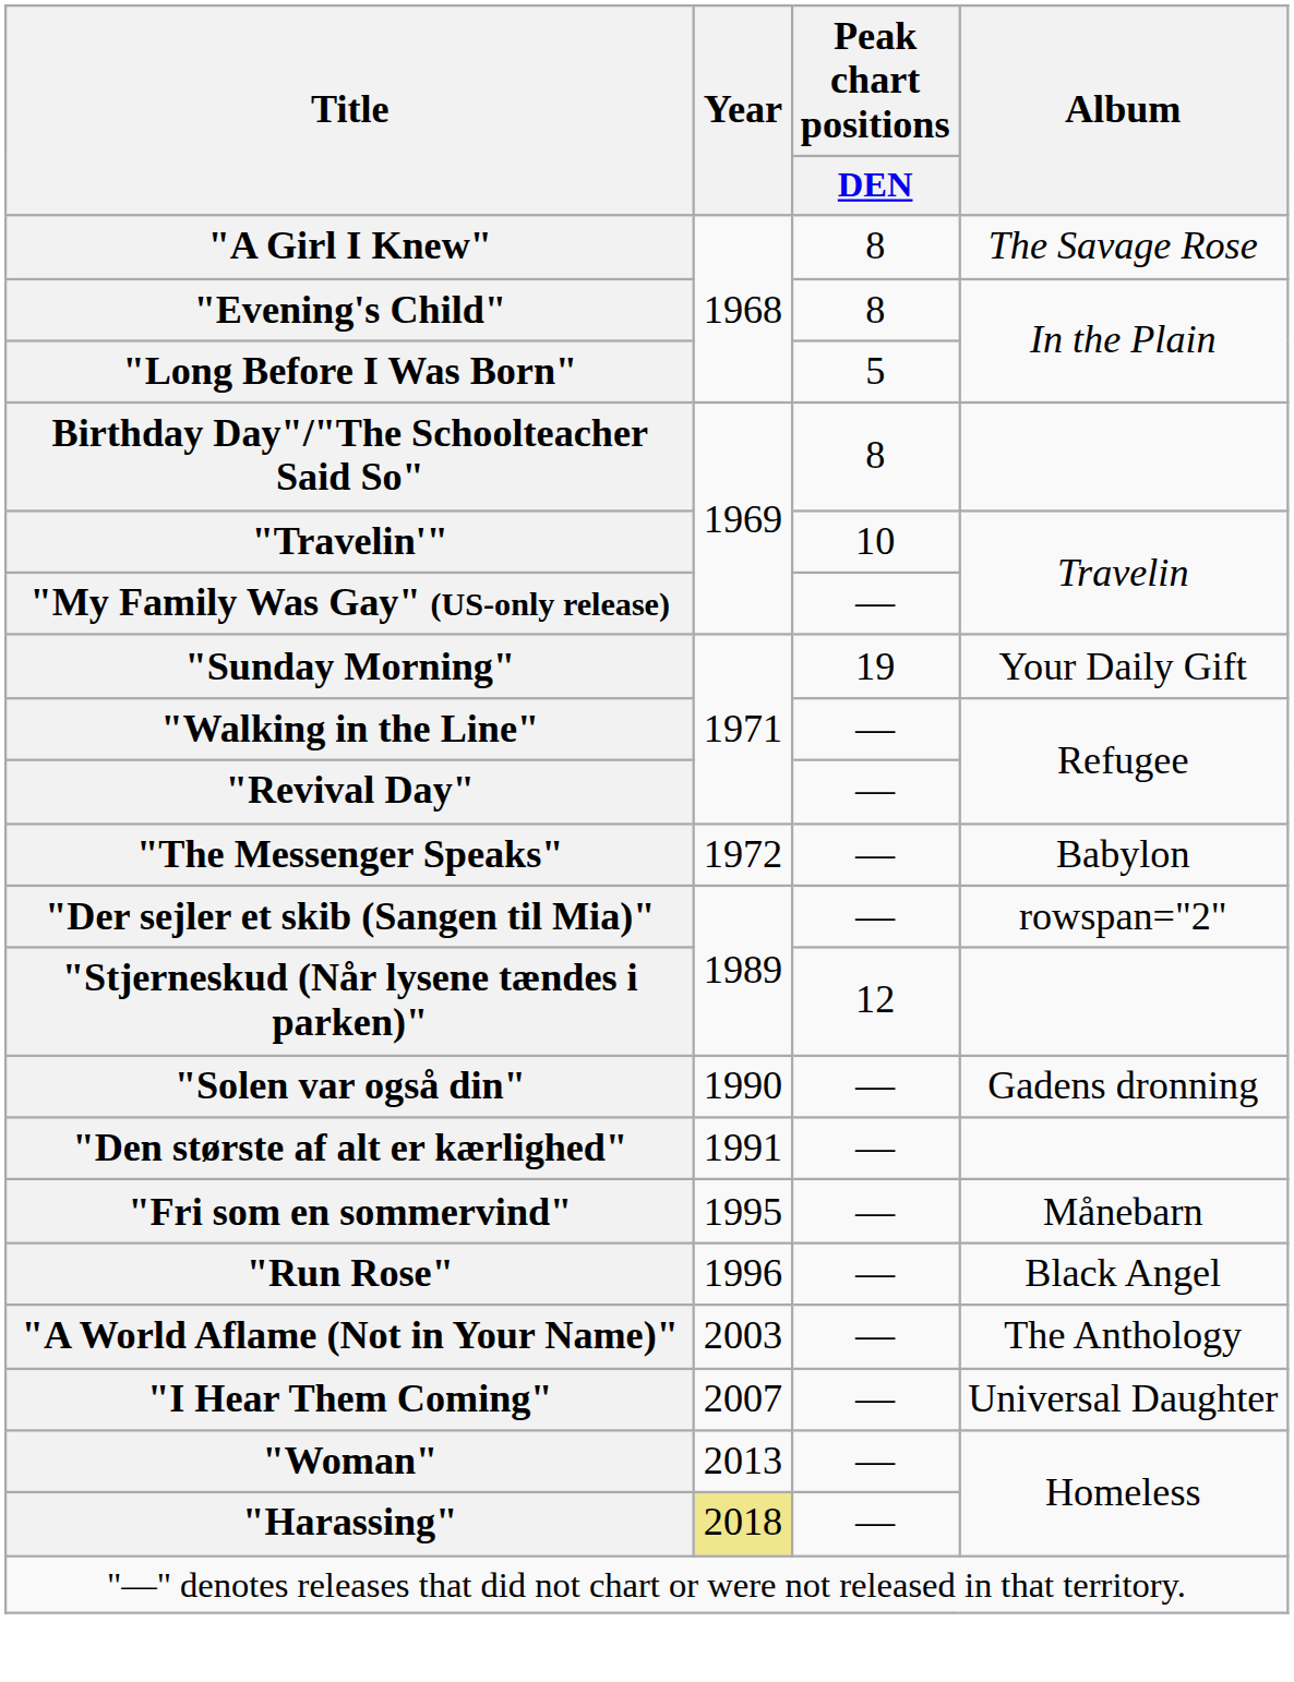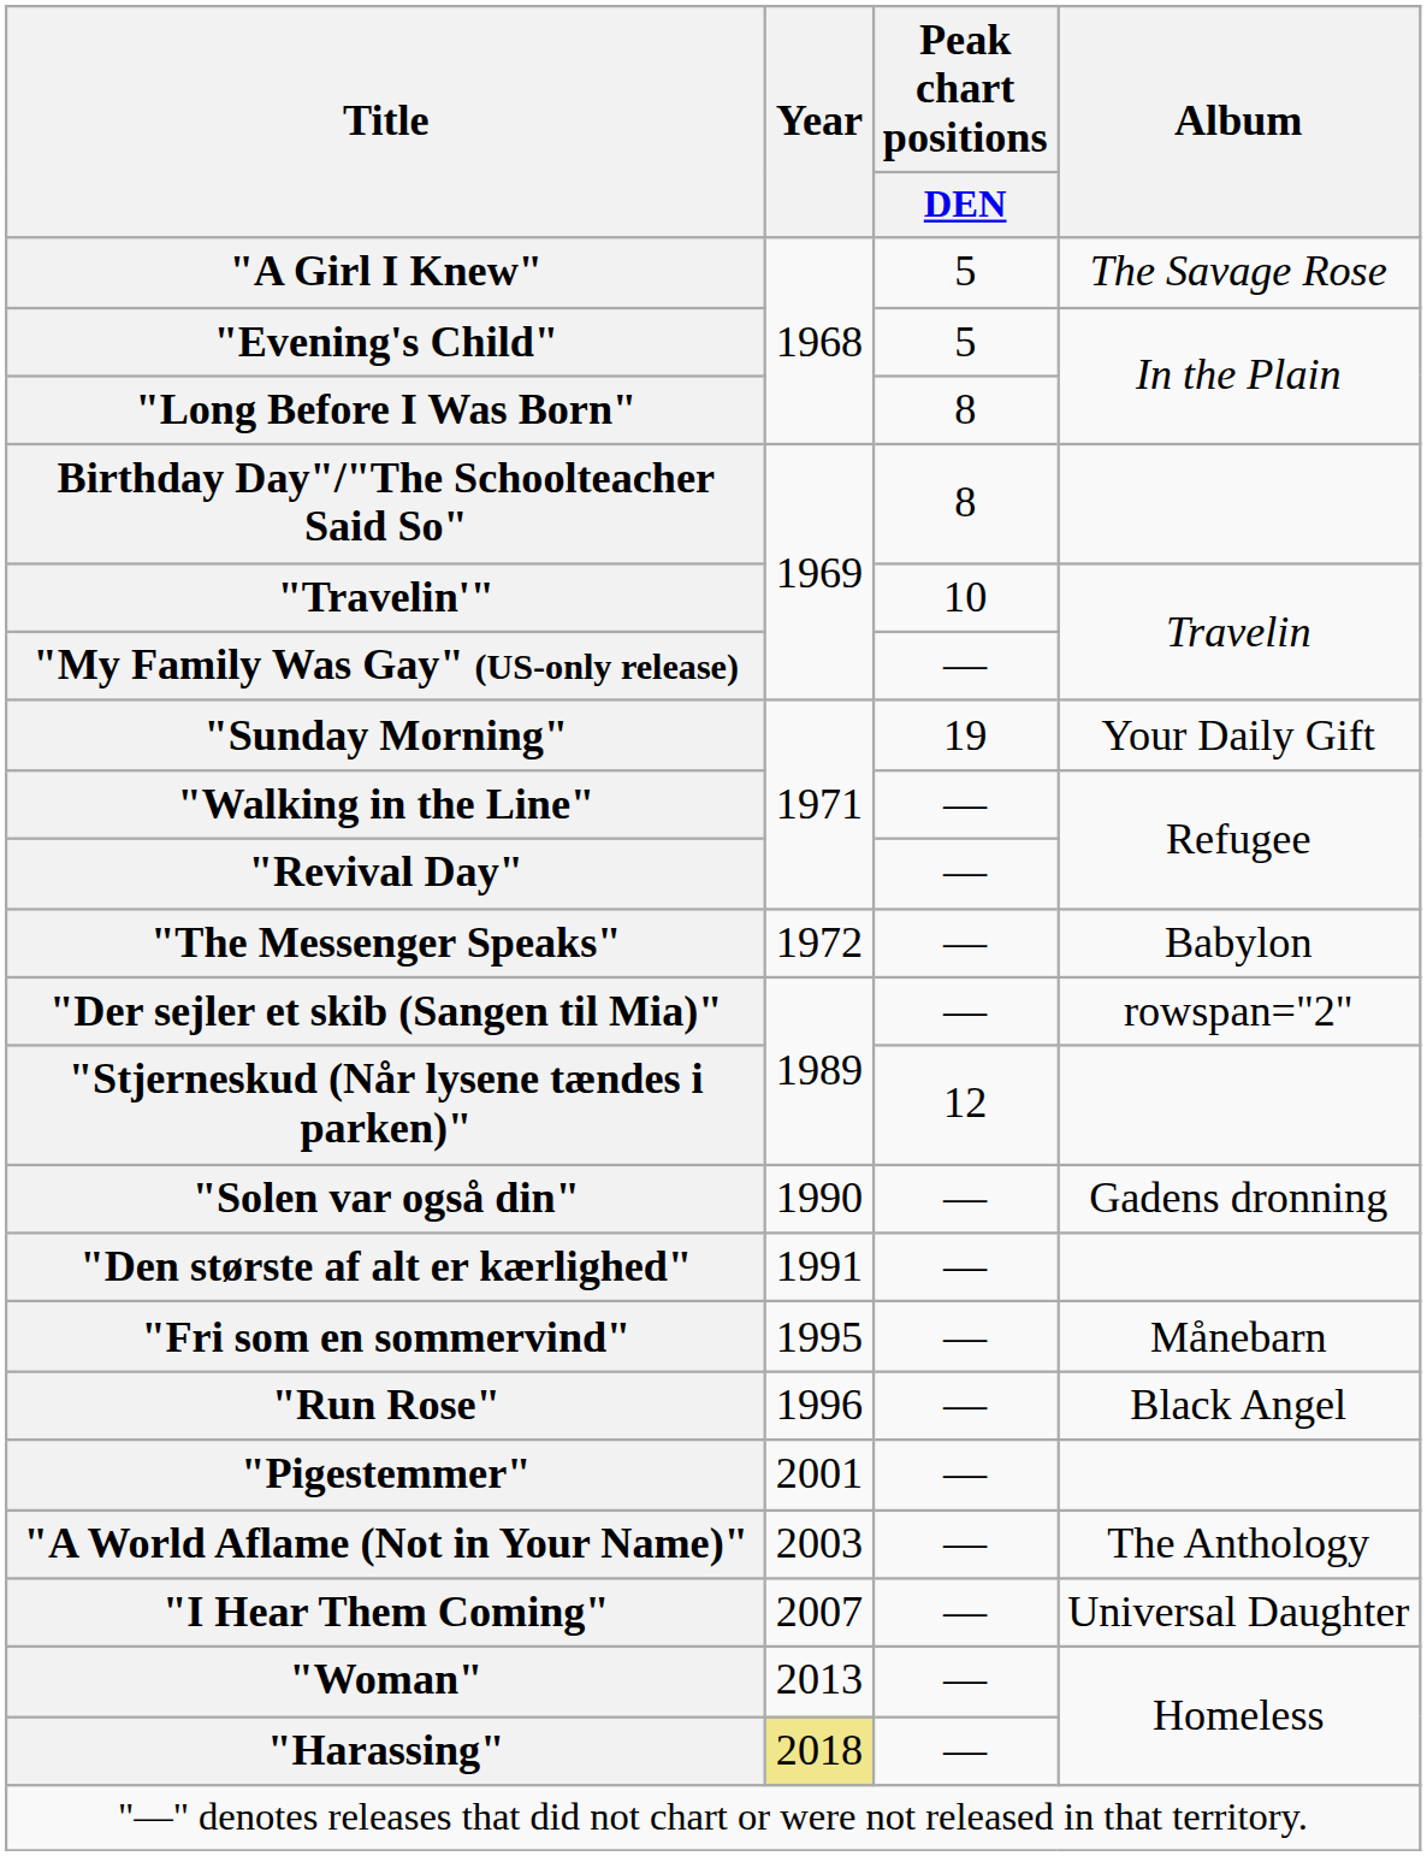 <table class="wikitable plainrowheaders" style="text-align:center;">
 <tr>
 <th rowspan="2" scope="col" style="width:17em;">Title</th>
 <th rowspan="2" scope="col" style="width:2em;">Year</th>
 <th>Peak chart positions</th>
 <th rowspan="2">Album</th>
 </tr>
 <tr>
 <th scope="col" style="width:2em;font-size:90%;"><a href='#'>DEN</a><br></th>
 </tr>
 <tr>
 <th scope="row">"A Girl I Knew"</th>
 <td rowspan="3">1968</td>
-<td>8</td>
+<td>5</td>
 <td><em>The Savage Rose</em></td>
 </tr>
 <tr>
 <th scope="row">"Evening's Child"</th>
-<td>8</td>
+<td>5</td>
 <td rowspan="2"><em>In the Plain</em></td>
 </tr>
 <tr>
 <th scope="row">"Long Before I Was Born"</th>
-<td>5</td>
+<td>8</td>
 </tr>
 <tr>
 <th scope="row">Birthday Day"/"The Schoolteacher Said So"</th>
 <td rowspan="3">1969</td>
 <td>8</td>
 <td></td>
 </tr>
 <tr>
 <th scope="row">"Travelin'"</th>
 <td>10</td>
 <td rowspan="2"><em>Travelin<strong></td>
 </tr>
 <tr>
 <th scope="row">"My Family Was Gay" <small>(US-only release)</small></th>
 <td>—</td>
 </tr>
 <tr>
 <th scope="row">"Sunday Morning"</th>
 <td rowspan="3">1971</td>
 <td>19</td>
 <td></em>Your Daily Gift<em></td>
 </tr>
 <tr>
 <th scope="row">"Walking in the Line"</th>
 <td>—</td>
 <td rowspan="2"></em>Refugee<em></td>
 </tr>
 <tr>
 <th scope="row">"Revival Day"</th>
 <td>—</td>
 </tr>
 <tr>
 <th scope="row">"The Messenger Speaks"</th>
 <td>1972</td>
 <td>—</td>
 <td></em>Babylon<em></td>
 </tr>
 <tr>
 <th scope="row">"Der sejler et skib (Sangen til Mia)"</th>
 <td rowspan="2">1989</td>
 <td>—</td>
 <td>rowspan="2" </td>
 </tr>
 <tr>
 <th scope="row">"Stjerneskud (Når lysene tændes i parken)"</th>
 <td>12</td>
 </tr>
 <tr>
 <th scope="row">"Solen var også din"</th>
 <td>1990</td>
 <td>—</td>
 <td></em>Gadens dronning<em></td>
 </tr>
 <tr>
 <th scope="row">"Den største af alt er kærlighed"</th>
 <td>1991</td>
 <td>—</td>
 <td></td>
 </tr>
 <tr>
 <th scope="row">"Fri som en sommervind"</th>
 <td>1995</td>
 <td>—</td>
 <td></em>Månebarn<em></td>
 </tr>
 <tr>
 <th scope="row">"Run Rose"</th>
 <td>1996</td>
 <td>—</td>
 <td></em>Black Angel<em></td>
 </tr>
 <tr>
+<th scope="row">"Pigestemmer"</th>
+<td>2001</td>
+<td>—</td>
+<td></td>
+</tr>
+<tr>
 <th scope="row">"A World Aflame (Not in Your Name)"</th>
 <td>2003</td>
 <td>—</td>
 <td></em>The Anthology<em></td>
 </tr>
 <tr>
 <th scope="row">"I Hear Them Coming"</th>
 <td>2007</td>
 <td>—</td>
 <td></em>Universal Daughter<em></td>
 </tr>
 <tr>
 <th scope="row">"Woman"</th>
 <td>2013</td>
 <td>—</td>
 <td rowspan="2"></em>Homeless<em></td>
 </tr>
 <tr>
 <th scope="row">"Harassing"</th>
 <td style="background: khaki;">2018</td>
 <td>—</td>
 </tr>
 <tr>
 <td colspan="4" style="font-size:90%">"—" denotes releases that did not chart or were not released in that territory.</td>
 </tr>
 </table>
